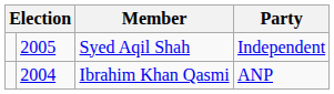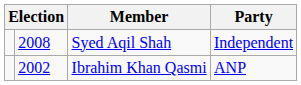 <table class="wikitable">
 <tr>
 <th colspan="2">Election</th>
 <th>Member</th>
 <th>Party</th>
 </tr>
 <tr>
 <td style="background-color: "></td>
-<td><a href='#'>2005</a></td>
+<td><a href='#'>2008</a></td>
 <td><a href='#'>Syed Aqil Shah</a></td>
 <td><a href='#'>Independent</a></td>
 </tr>
 <tr>
 <td style="background-color:"></td>
-<td><a href='#'>2004</a></td>
+<td><a href='#'>2002</a></td>
 <td><a href='#'>Ibrahim Khan Qasmi</a></td>
 <td><a href='#'>ANP</a></td>
 </tr>
 </table>
